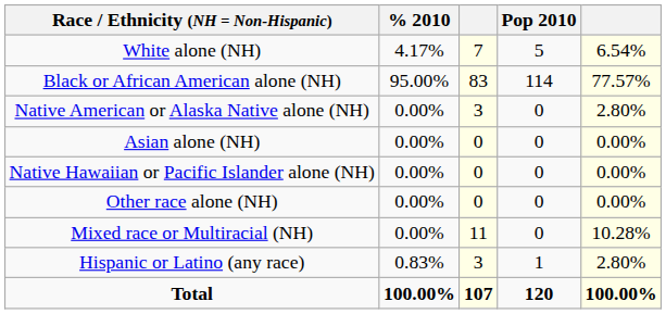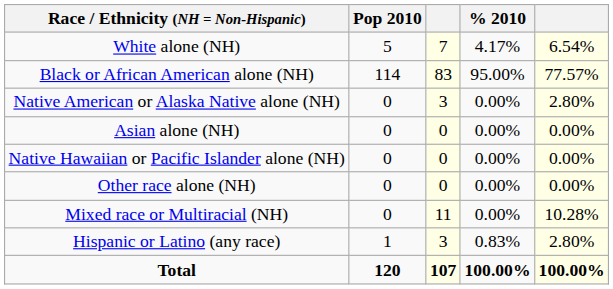 <table class="wikitable" style="text-align:center;">
 <tr>
 <th>Race / Ethnicity <small>(<em>NH = Non-Hispanic</em>)</small></th>
+<th>Pop 2010</th>
+<th></th>
 <th>% 2010</th>
-<th></th>
-<th>Pop 2010</th>
 <th></th>
 </tr>
 <tr>
 <td><a href='#'>White</a> alone (NH)</td>
+<td>5</td>
+<td style='background: #ffffe6;'>7</td>
 <td>4.17%</td>
-<td style='background: #ffffe6;'>7</td>
-<td>5</td>
 <td style='background: #ffffe6;'>6.54%</td>
 </tr>
 <tr>
 <td><a href='#'>Black or African American</a> alone (NH)</td>
+<td>114</td>
+<td style='background: #ffffe6;'>83</td>
 <td>95.00%</td>
-<td style='background: #ffffe6;'>83</td>
-<td>114</td>
 <td style='background: #ffffe6;'>77.57%</td>
 </tr>
 <tr>
 <td><a href='#'>Native American</a> or <a href='#'>Alaska Native</a> alone (NH)</td>
+<td>0</td>
+<td style='background: #ffffe6;'>3</td>
 <td>0.00%</td>
-<td style='background: #ffffe6;'>3</td>
-<td>0</td>
 <td style='background: #ffffe6;'>2.80%</td>
 </tr>
 <tr>
 <td><a href='#'>Asian</a> alone (NH)</td>
+<td>0</td>
+<td style='background: #ffffe6;'>0</td>
 <td>0.00%</td>
-<td style='background: #ffffe6;'>0</td>
-<td>0</td>
 <td style='background: #ffffe6;'>0.00%</td>
 </tr>
 <tr>
 <td><a href='#'>Native Hawaiian</a> or <a href='#'>Pacific Islander</a> alone (NH)</td>
+<td>0</td>
+<td style='background: #ffffe6;'>0</td>
 <td>0.00%</td>
-<td style='background: #ffffe6;'>0</td>
-<td>0</td>
 <td style='background: #ffffe6;'>0.00%</td>
 </tr>
 <tr>
 <td><a href='#'>Other race</a> alone (NH)</td>
+<td>0</td>
+<td style='background: #ffffe6;'>0</td>
 <td>0.00%</td>
-<td style='background: #ffffe6;'>0</td>
-<td>0</td>
 <td style='background: #ffffe6;'>0.00%</td>
 </tr>
 <tr>
 <td><a href='#'>Mixed race or Multiracial</a> (NH)</td>
+<td>0</td>
+<td style='background: #ffffe6;'>11</td>
 <td>0.00%</td>
-<td style='background: #ffffe6;'>11</td>
-<td>0</td>
 <td style='background: #ffffe6;'>10.28%</td>
 </tr>
 <tr>
 <td><a href='#'>Hispanic or Latino</a> (any race)</td>
+<td>1</td>
+<td style='background: #ffffe6;'>3</td>
 <td>0.83%</td>
-<td style='background: #ffffe6;'>3</td>
-<td>1</td>
 <td style='background: #ffffe6;'>2.80%</td>
 </tr>
 <tr>
 <td><strong>Total</strong></td>
+<td><strong>120</strong></td>
+<td style='background: #ffffe6;'><strong>107</strong></td>
 <td><strong>100.00%</strong></td>
-<td style='background: #ffffe6;'><strong>107</strong></td>
-<td><strong>120</strong></td>
 <td style='background: #ffffe6;'><strong>100.00%</strong></td>
 </tr>
 </table>
